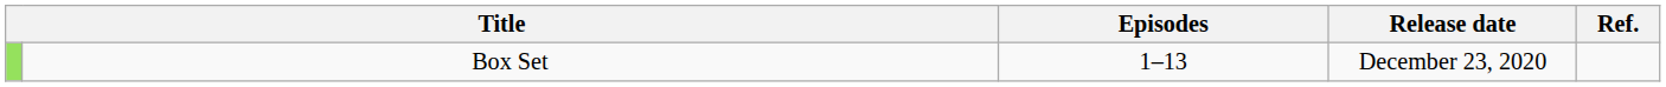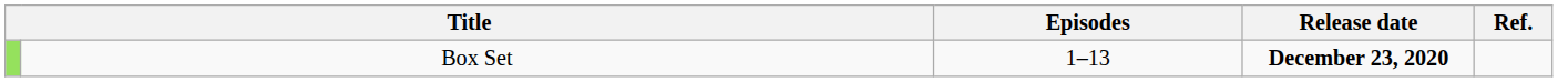 <table class="wikitable" style="text-align: center; width: 70%;">
 <tr>
 <th colspan="2">Title</th>
 <th width="20%">Episodes</th>
 <th width="15%">Release date</th>
 <th width="5%">Ref.</th>
 </tr>
 <tr>
 <td rowspan="2" width="1%" style="background: #95E15D;"></td>
 <td>Box Set</td>
 <td>1–13</td>
-<td>December 23, 2020</td>
+<td><strong>December 23, 2020</strong></td>
 <td></td>
 </tr>
 </table>
